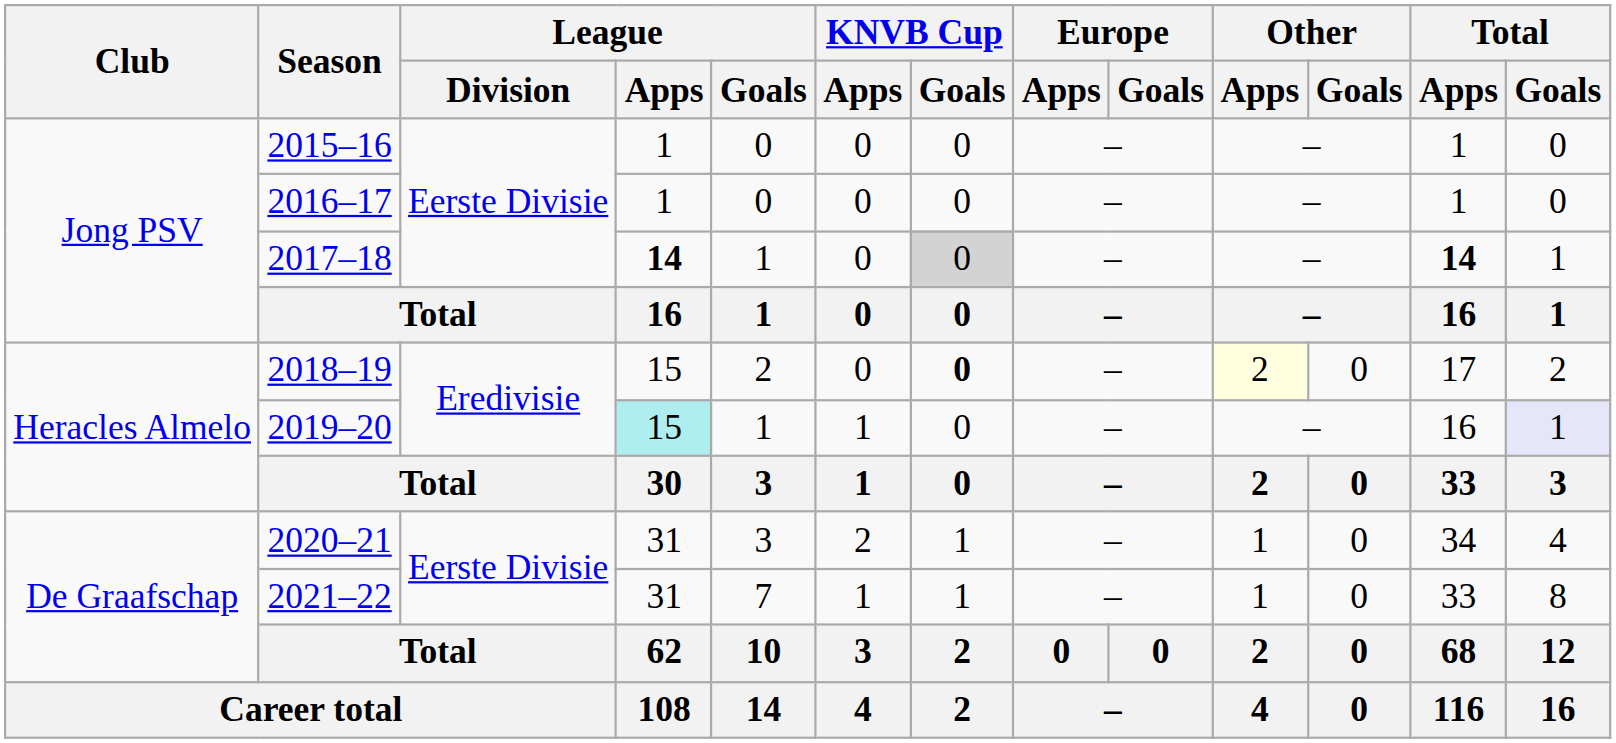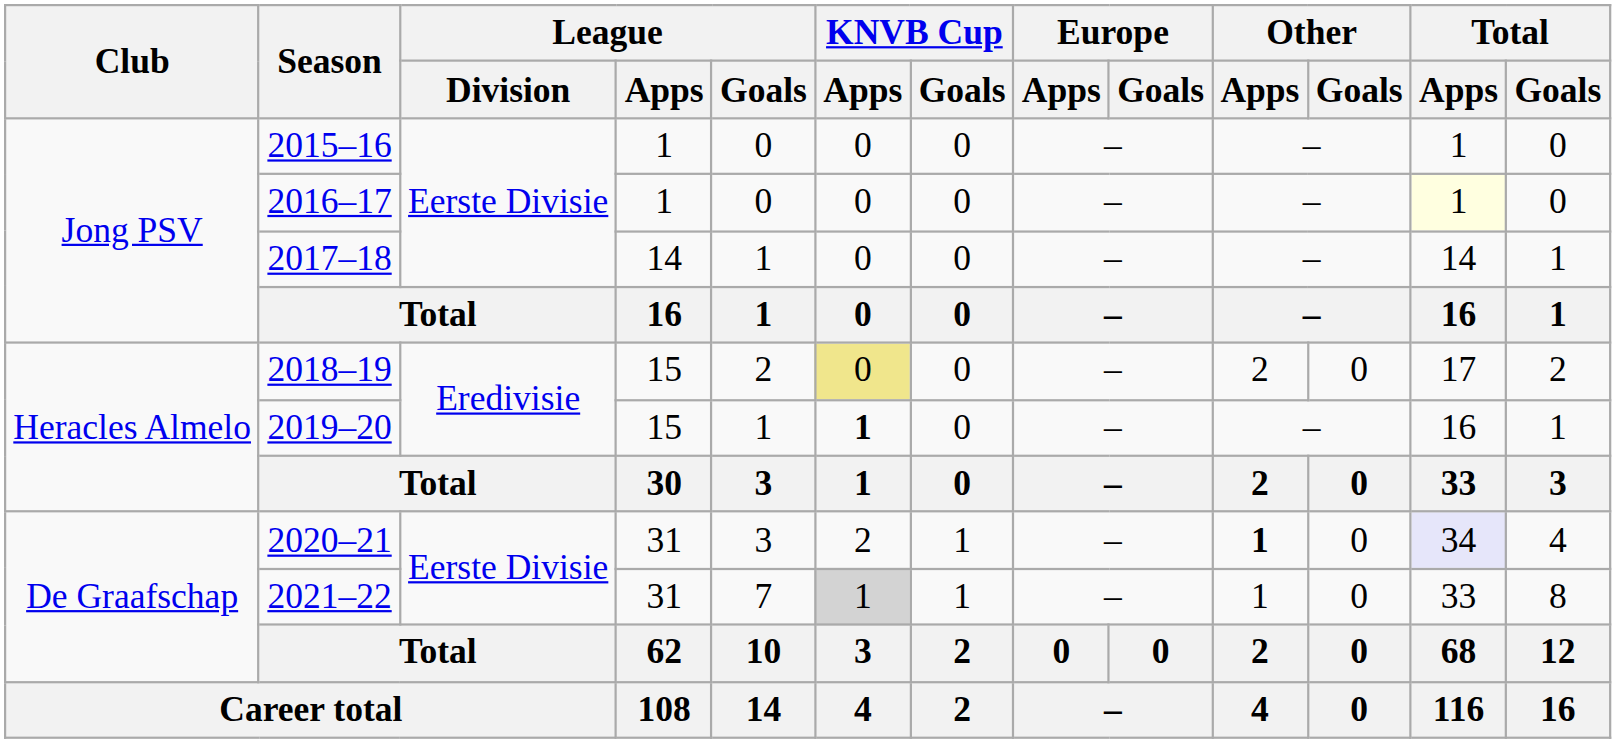 <table class="wikitable" style="text-align: center;">
 <tr>
 <th rowspan="2">Club</th>
 <th rowspan="2">Season</th>
 <th colspan="3">League</th>
 <th colspan="2"><a href='#'>KNVB Cup</a></th>
 <th colspan="2">Europe</th>
 <th colspan="2">Other</th>
 <th colspan="2">Total</th>
 </tr>
 <tr>
 <th>Division</th>
 <th>Apps</th>
 <th>Goals</th>
 <th>Apps</th>
 <th>Goals</th>
 <th>Apps</th>
 <th>Goals</th>
 <th>Apps</th>
 <th>Goals</th>
 <th>Apps</th>
 <th>Goals</th>
 </tr>
 <tr>
 <td rowspan="4"><a href='#'>Jong PSV</a></td>
 <td><a href='#'>2015–16</a></td>
 <td rowspan="3"><a href='#'>Eerste Divisie</a></td>
 <td>1</td>
 <td>0</td>
 <td>0</td>
 <td>0</td>
 <td colspan="2">–</td>
 <td colspan="2">–</td>
 <td>1</td>
 <td>0</td>
 </tr>
 <tr>
 <td><a href='#'>2016–17</a></td>
 <td>1</td>
 <td>0</td>
 <td>0</td>
 <td>0</td>
 <td colspan="2">–</td>
 <td colspan="2">–</td>
-<td>1</td>
+<td style="background: lightyellow;">1</td>
 <td>0</td>
 </tr>
 <tr>
 <td><a href='#'>2017–18</a></td>
-<td><strong>14</strong></td>
+<td>14</td>
 <td>1</td>
 <td>0</td>
-<td style="background: lightgrey;">0</td>
+<td>0</td>
 <td colspan="2">–</td>
 <td colspan="2">–</td>
-<td><strong>14</strong></td>
+<td>14</td>
 <td>1</td>
 </tr>
 <tr>
 <th colspan="2">Total</th>
 <th>16</th>
 <th>1</th>
 <th>0</th>
 <th>0</th>
 <th colspan="2">–</th>
 <th colspan="2">–</th>
 <th>16</th>
 <th>1</th>
 </tr>
 <tr>
 <td rowspan="3"><a href='#'>Heracles Almelo</a></td>
 <td><a href='#'>2018–19</a></td>
 <td rowspan="2"><a href='#'>Eredivisie</a></td>
 <td>15</td>
 <td>2</td>
+<td style="background: khaki;">0</td>
 <td>0</td>
-<td><strong>0</strong></td>
 <td colspan="2">–</td>
-<td style="background: lightyellow;">2</td>
+<td>2</td>
 <td>0</td>
 <td>17</td>
 <td>2</td>
 </tr>
 <tr>
 <td><a href='#'>2019–20</a></td>
-<td style="background: paleturquoise;">15</td>
+<td>15</td>
 <td>1</td>
-<td>1</td>
+<td><strong>1</strong></td>
 <td>0</td>
 <td colspan="2">–</td>
 <td colspan="2">–</td>
 <td>16</td>
-<td style="background: lavender;">1</td>
+<td>1</td>
 </tr>
 <tr>
 <th colspan="2">Total</th>
 <th>30</th>
 <th>3</th>
 <th>1</th>
 <th>0</th>
 <th colspan="2">–</th>
 <th>2</th>
 <th>0</th>
 <th>33</th>
 <th>3</th>
 </tr>
 <tr>
 <td rowspan="3"><a href='#'>De Graafschap</a></td>
 <td><a href='#'>2020–21</a></td>
 <td rowspan="2"><a href='#'>Eerste Divisie</a></td>
 <td>31</td>
 <td>3</td>
 <td>2</td>
 <td>1</td>
 <td colspan="2">–</td>
-<td>1</td>
+<td><strong>1</strong></td>
 <td>0</td>
-<td>34</td>
+<td style="background: lavender;">34</td>
 <td>4</td>
 </tr>
 <tr>
 <td><a href='#'>2021–22</a></td>
 <td>31</td>
 <td>7</td>
-<td>1</td>
+<td style="background: lightgrey;">1</td>
 <td>1</td>
 <td colspan="2">–</td>
 <td>1</td>
 <td>0</td>
 <td>33</td>
 <td>8</td>
 </tr>
 <tr>
 <th colspan="2">Total</th>
 <th>62</th>
 <th>10</th>
 <th>3</th>
 <th>2</th>
 <th>0</th>
 <th>0</th>
 <th>2</th>
 <th>0</th>
 <th>68</th>
 <th>12</th>
 </tr>
 <tr>
 <th colspan="3">Career total</th>
 <th>108</th>
 <th>14</th>
 <th>4</th>
 <th>2</th>
 <th colspan="2">–</th>
 <th>4</th>
 <th>0</th>
 <th>116</th>
 <th>16</th>
 </tr>
 </table>
